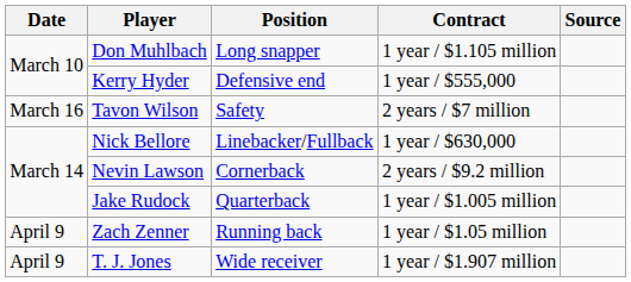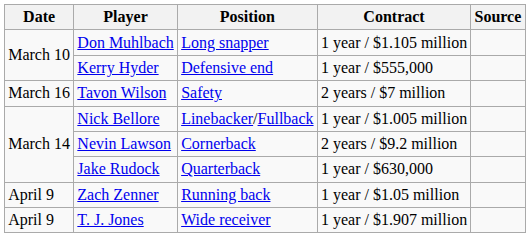 <table class="wikitable">
 <tr>
 <th>Date</th>
 <th>Player</th>
 <th>Position</th>
 <th>Contract</th>
 <th>Source</th>
 </tr>
 <tr>
 <td rowspan="2">March 10</td>
 <td><a href='#'>Don Muhlbach</a></td>
 <td><a href='#'>Long snapper</a></td>
 <td>1 year / $1.105 million</td>
 <td></td>
 </tr>
 <tr>
 <td><a href='#'>Kerry Hyder</a></td>
 <td><a href='#'>Defensive end</a></td>
 <td>1 year / $555,000</td>
 <td></td>
 </tr>
 <tr>
 <td>March 16</td>
 <td><a href='#'>Tavon Wilson</a></td>
 <td><a href='#'>Safety</a></td>
 <td>2 years / $7 million</td>
 <td></td>
 </tr>
 <tr>
 <td rowspan="3">March 14</td>
 <td><a href='#'>Nick Bellore</a></td>
 <td><a href='#'>Linebacker</a>/<a href='#'>Fullback</a></td>
-<td>1 year / $630,000</td>
+<td>1 year / $1.005 million</td>
 <td></td>
 </tr>
 <tr>
 <td><a href='#'>Nevin Lawson</a></td>
 <td><a href='#'>Cornerback</a></td>
 <td>2 years / $9.2 million</td>
 <td></td>
 </tr>
 <tr>
 <td><a href='#'>Jake Rudock</a></td>
 <td><a href='#'>Quarterback</a></td>
-<td>1 year / $1.005 million</td>
+<td>1 year / $630,000</td>
 <td></td>
 </tr>
 <tr>
 <td>April 9</td>
 <td><a href='#'>Zach Zenner</a></td>
 <td><a href='#'>Running back</a></td>
 <td>1 year / $1.05 million</td>
 <td></td>
 </tr>
 <tr>
 <td>April 9</td>
 <td><a href='#'>T. J. Jones</a></td>
 <td><a href='#'>Wide receiver</a></td>
 <td>1 year / $1.907 million</td>
 <td></td>
 </tr>
 </table>
